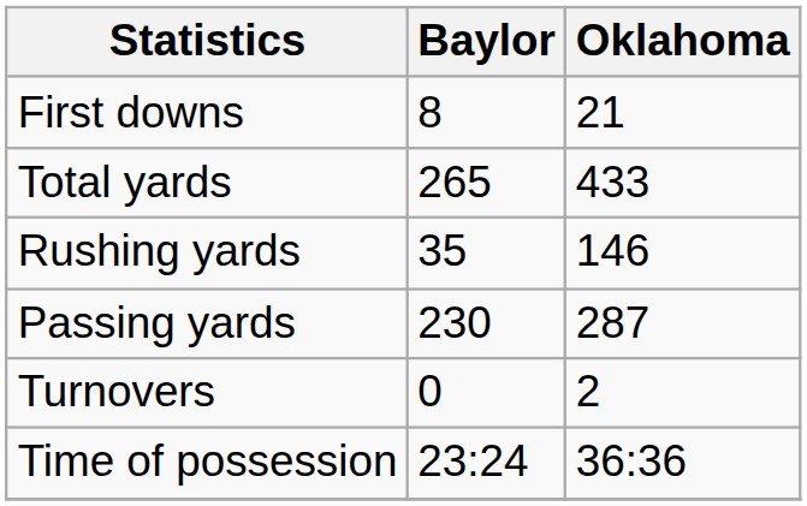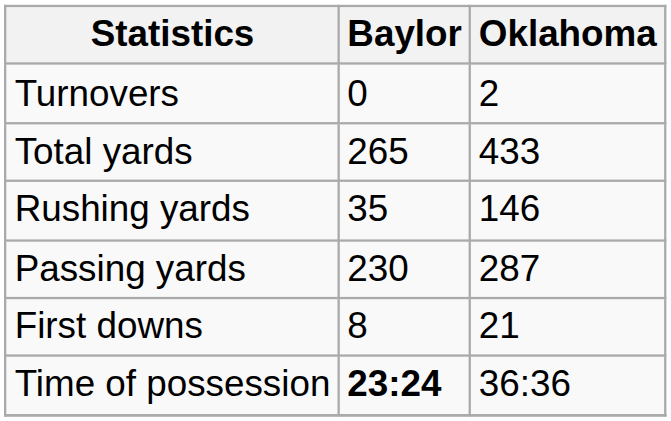 <table class="wikitable" style="float: right;">
 <tr>
 <th>Statistics</th>
 <th>Baylor</th>
 <th>Oklahoma</th>
 </tr>
 <tr>
-<td>First downs</td>
-<td>8</td>
-<td>21</td>
+<td>Turnovers</td>
+<td>0</td>
+<td>2</td>
 </tr>
 <tr>
 <td>Total yards</td>
 <td>265</td>
 <td>433</td>
 </tr>
 <tr>
 <td>Rushing yards</td>
 <td>35</td>
 <td>146</td>
 </tr>
 <tr>
 <td>Passing yards</td>
 <td>230</td>
 <td>287</td>
 </tr>
 <tr>
-<td>Turnovers</td>
-<td>0</td>
-<td>2</td>
+<td>First downs</td>
+<td>8</td>
+<td>21</td>
 </tr>
 <tr>
 <td>Time of possession</td>
-<td>23:24</td>
+<td><strong>23:24</strong></td>
 <td>36:36</td>
 </tr>
 <tr>
 </tr>
 </table>
